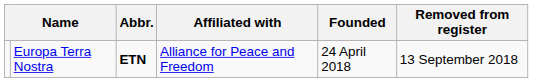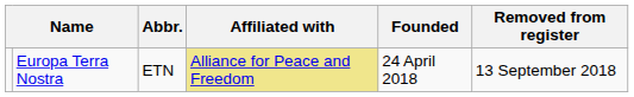 <table class="wikitable centre sortable" style="width: 100%;">
 <tr>
 <th colspan="2">Name</th>
 <th>Abbr.</th>
 <th>Affiliated with</th>
 <th>Founded</th>
 <th>Removed from register</th>
 </tr>
 <tr>
 <td></td>
 <td><a href='#'>Europa Terra Nostra</a></td>
-<td><strong>ETN</strong></td>
-<td><a href='#'>Alliance for Peace and Freedom</a></td>
+<td>ETN</td>
+<td style="background: khaki;"><a href='#'>Alliance for Peace and Freedom</a></td>
 <td>24 April 2018</td>
 <td>13 September 2018</td>
 </tr>
 </table>
